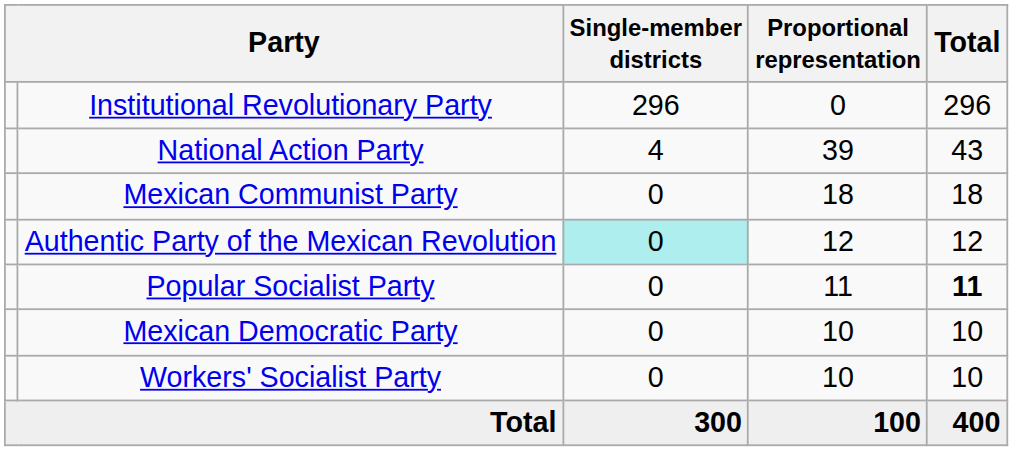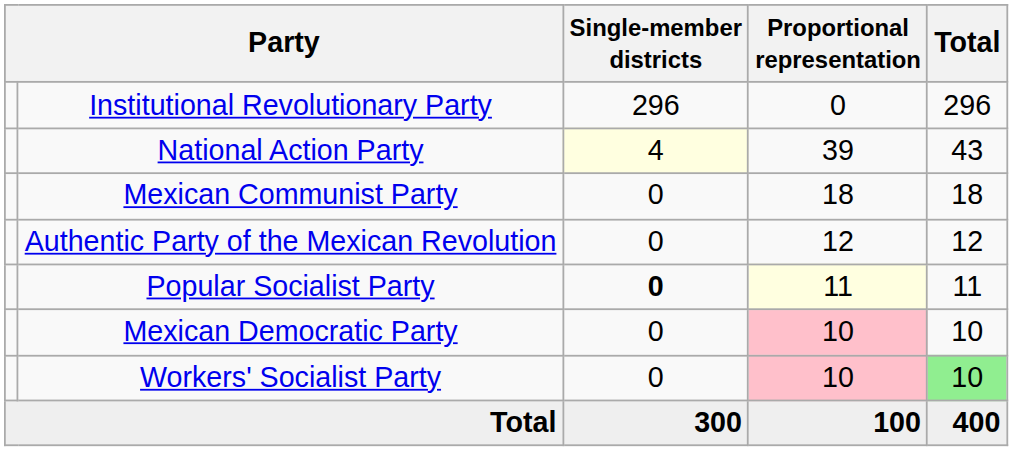 <table class="wikitable" width="auto" style="text-align: center">
 <tr style="background:#efefef;">
 <th Colspan=2><strong>Party</strong></th>
 <th><small><strong>Single-member<br>districts</strong></small></th>
 <th><small> <strong>Proportional<br>representation</strong></small></th>
 <th><strong>Total</strong></th>
 </tr>
 <tr>
 <td></td>
 <td><a href='#'>Institutional Revolutionary Party</a></td>
 <td>296</td>
 <td>0</td>
 <td>296</td>
 </tr>
 <tr>
 <td></td>
 <td><a href='#'>National Action Party</a></td>
-<td>4</td>
+<td style="background: lightyellow;">4</td>
 <td>39</td>
 <td>43</td>
 </tr>
 <tr>
 <td></td>
 <td><a href='#'>Mexican Communist Party</a></td>
 <td>0</td>
 <td>18</td>
 <td>18</td>
 </tr>
 <tr>
 <td></td>
 <td><a href='#'>Authentic Party of the Mexican Revolution</a></td>
-<td style="background: paleturquoise;">0</td>
+<td>0</td>
 <td>12</td>
 <td>12</td>
 </tr>
 <tr>
 <td></td>
 <td><a href='#'>Popular Socialist Party</a></td>
-<td>0</td>
+<td><strong>0</strong></td>
+<td style="background: lightyellow;">11</td>
 <td>11</td>
-<td><strong>11</strong></td>
 </tr>
 <tr>
 <td></td>
 <td><a href='#'>Mexican Democratic Party</a></td>
 <td>0</td>
-<td>10</td>
+<td style="background: pink;">10</td>
 <td>10</td>
 </tr>
 <tr>
 <td></td>
 <td><a href='#'>Workers' Socialist Party</a></td>
 <td>0</td>
-<td>10</td>
-<td>10</td>
+<td style="background: pink;">10</td>
+<td style="background: lightgreen;">10</td>
 </tr>
 <tr style="background:#efefef;" align=right>
 <td Colspan=2><strong>Total</strong></td>
 <td><strong>300</strong></td>
 <td><strong>100</strong></td>
 <td><strong>400</strong></td>
 </tr>
 </table>
